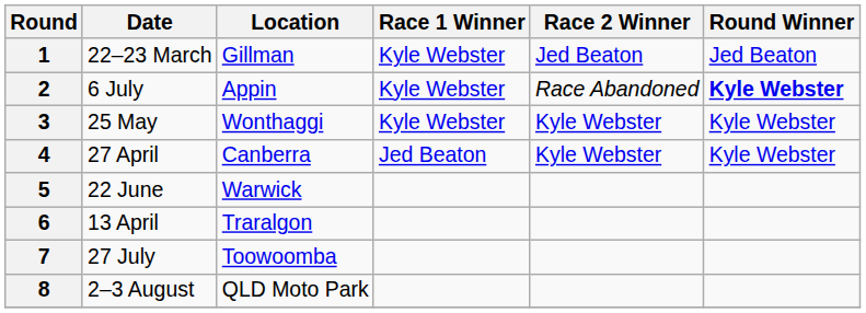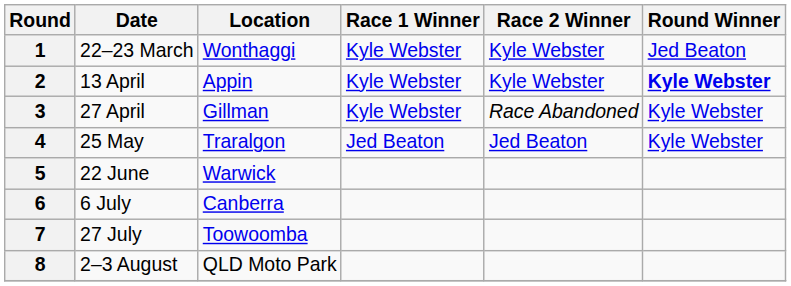 <table class="wikitable" style="font-size: 85%;">
 <tr>
 <th>Round</th>
 <th>Date</th>
 <th>Location</th>
 <th>Race 1 Winner</th>
 <th>Race 2 Winner</th>
 <th>Round Winner</th>
 </tr>
 <tr>
 <th>1</th>
 <td>22–23 March</td>
-<td> <a href='#'>Gillman</a></td>
+<td> <a href='#'>Wonthaggi</a></td>
 <td> <a href='#'>Kyle Webster</a></td>
-<td> <a href='#'>Jed Beaton</a></td>
+<td> <a href='#'>Kyle Webster</a></td>
 <td> <a href='#'>Jed Beaton</a></td>
 </tr>
 <tr>
 <th>2</th>
-<td>6 July</td>
+<td>13 April</td>
 <td> <a href='#'>Appin</a></td>
 <td> <a href='#'>Kyle Webster</a></td>
-<td><em>Race Abandoned</em></td>
+<td> <a href='#'>Kyle Webster</a></td>
 <td><strong> <a href='#'>Kyle Webster</a></strong></td>
 </tr>
 <tr>
 <th>3</th>
-<td>25 May</td>
-<td> <a href='#'>Wonthaggi</a></td>
+<td>27 April</td>
+<td> <a href='#'>Gillman</a></td>
 <td> <a href='#'>Kyle Webster</a></td>
-<td> <a href='#'>Kyle Webster</a></td>
+<td><em>Race Abandoned</em></td>
 <td> <a href='#'>Kyle Webster</a></td>
 </tr>
 <tr>
 <th>4</th>
-<td>27 April</td>
-<td> <a href='#'>Canberra</a></td>
+<td>25 May</td>
+<td> <a href='#'>Traralgon</a></td>
 <td> <a href='#'>Jed Beaton</a></td>
-<td> <a href='#'>Kyle Webster</a></td>
+<td> <a href='#'>Jed Beaton</a></td>
 <td> <a href='#'>Kyle Webster</a></td>
 </tr>
 <tr>
 <th>5</th>
 <td>22 June</td>
 <td> <a href='#'>Warwick</a></td>
 <td></td>
 <td></td>
 <td></td>
 </tr>
 <tr>
 <th>6</th>
-<td>13 April</td>
-<td> <a href='#'>Traralgon</a></td>
+<td>6 July</td>
+<td> <a href='#'>Canberra</a></td>
 <td></td>
 <td></td>
 <td></td>
 </tr>
 <tr>
 <th>7</th>
 <td>27 July</td>
 <td> <a href='#'>Toowoomba</a></td>
 <td></td>
 <td></td>
 <td></td>
 </tr>
 <tr>
 <th>8</th>
 <td>2–3 August</td>
 <td> QLD Moto Park</td>
 <td></td>
 <td></td>
 <td></td>
 </tr>
 <tr>
 </tr>
 </table>
